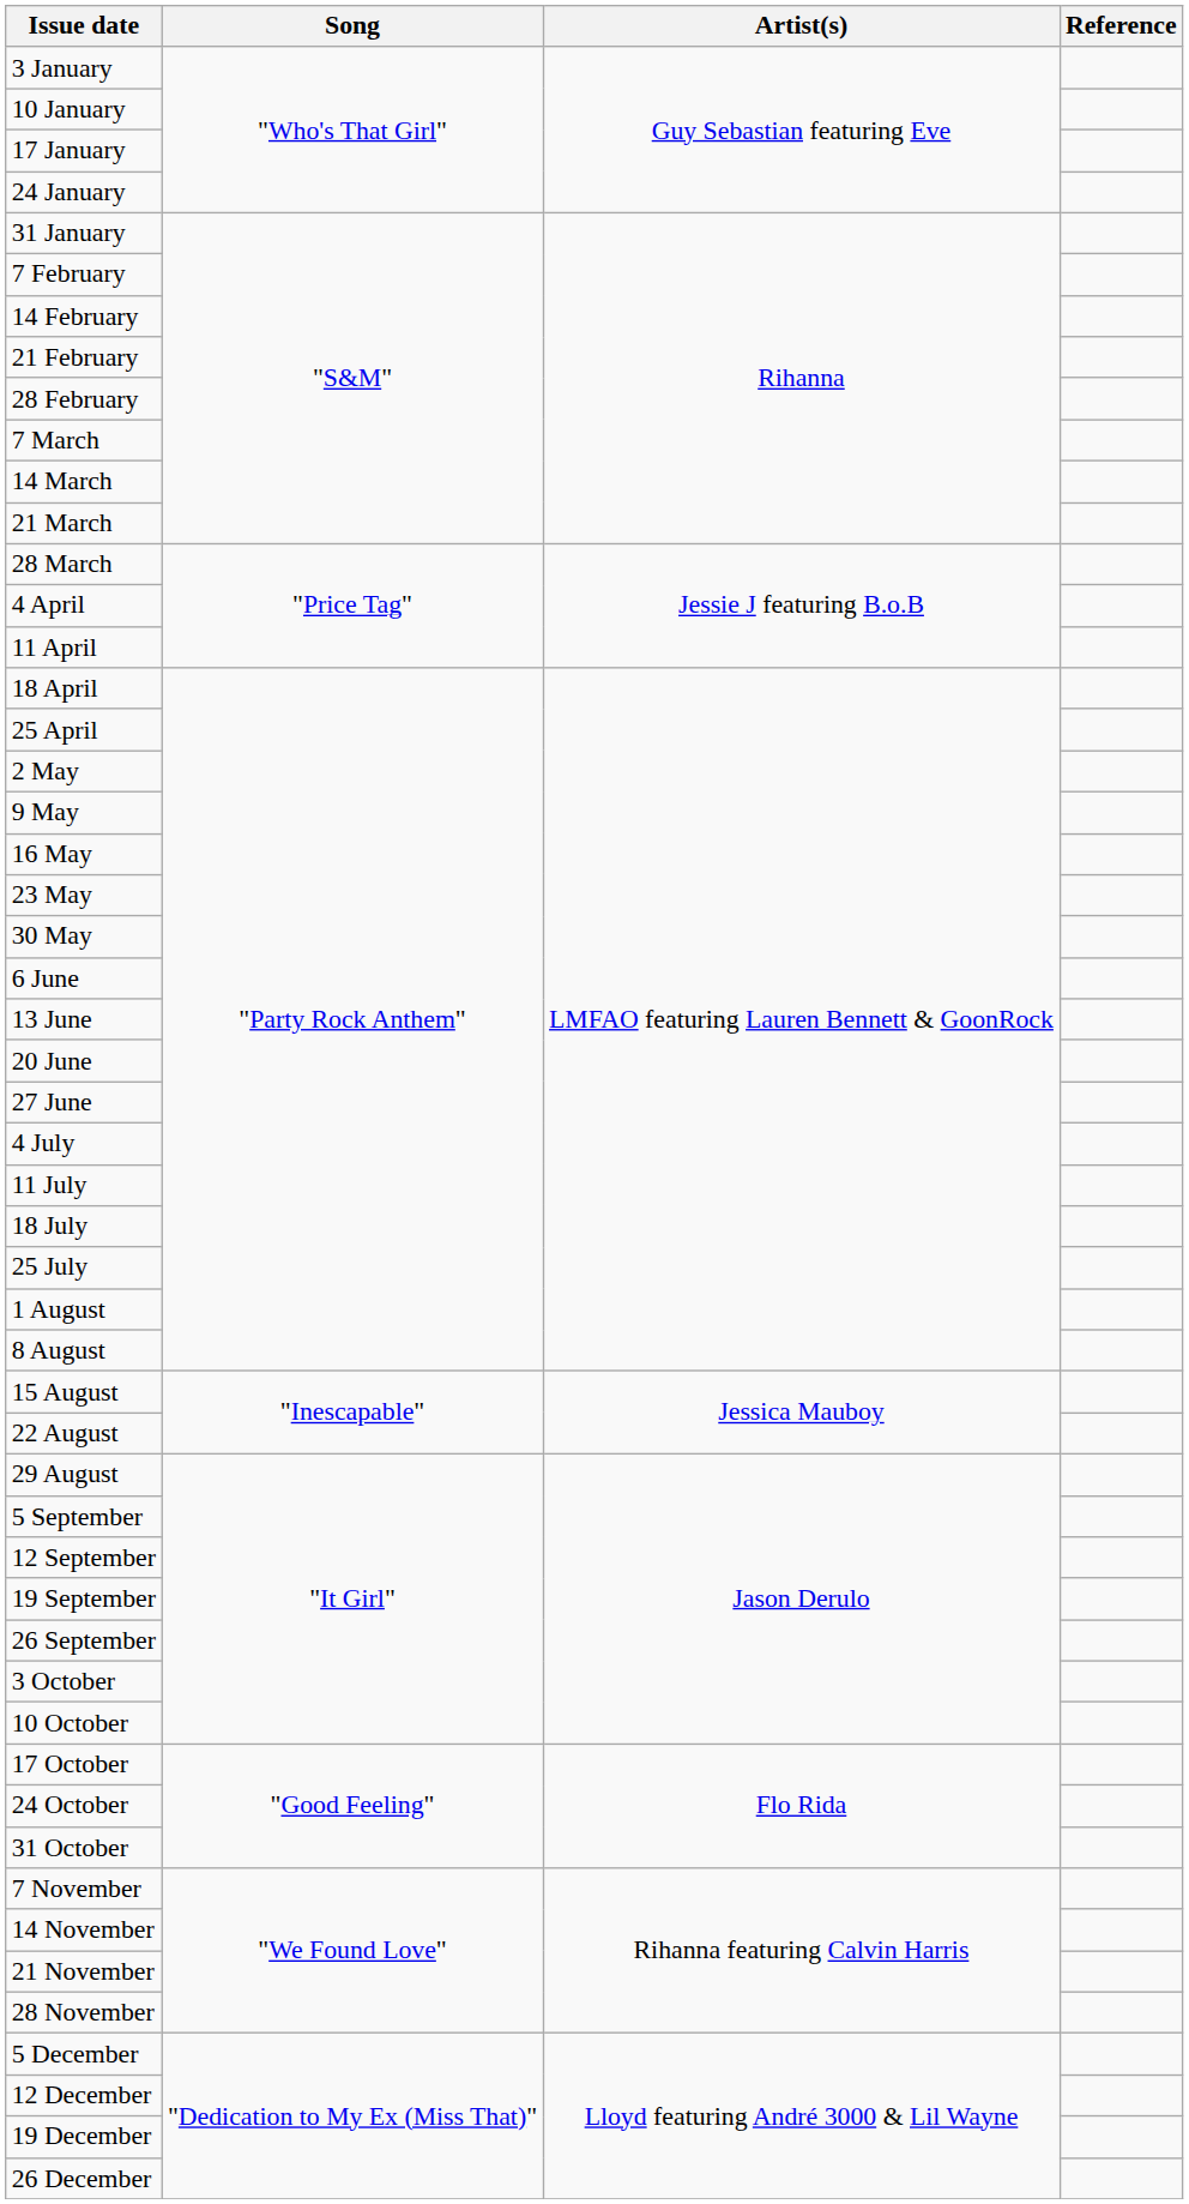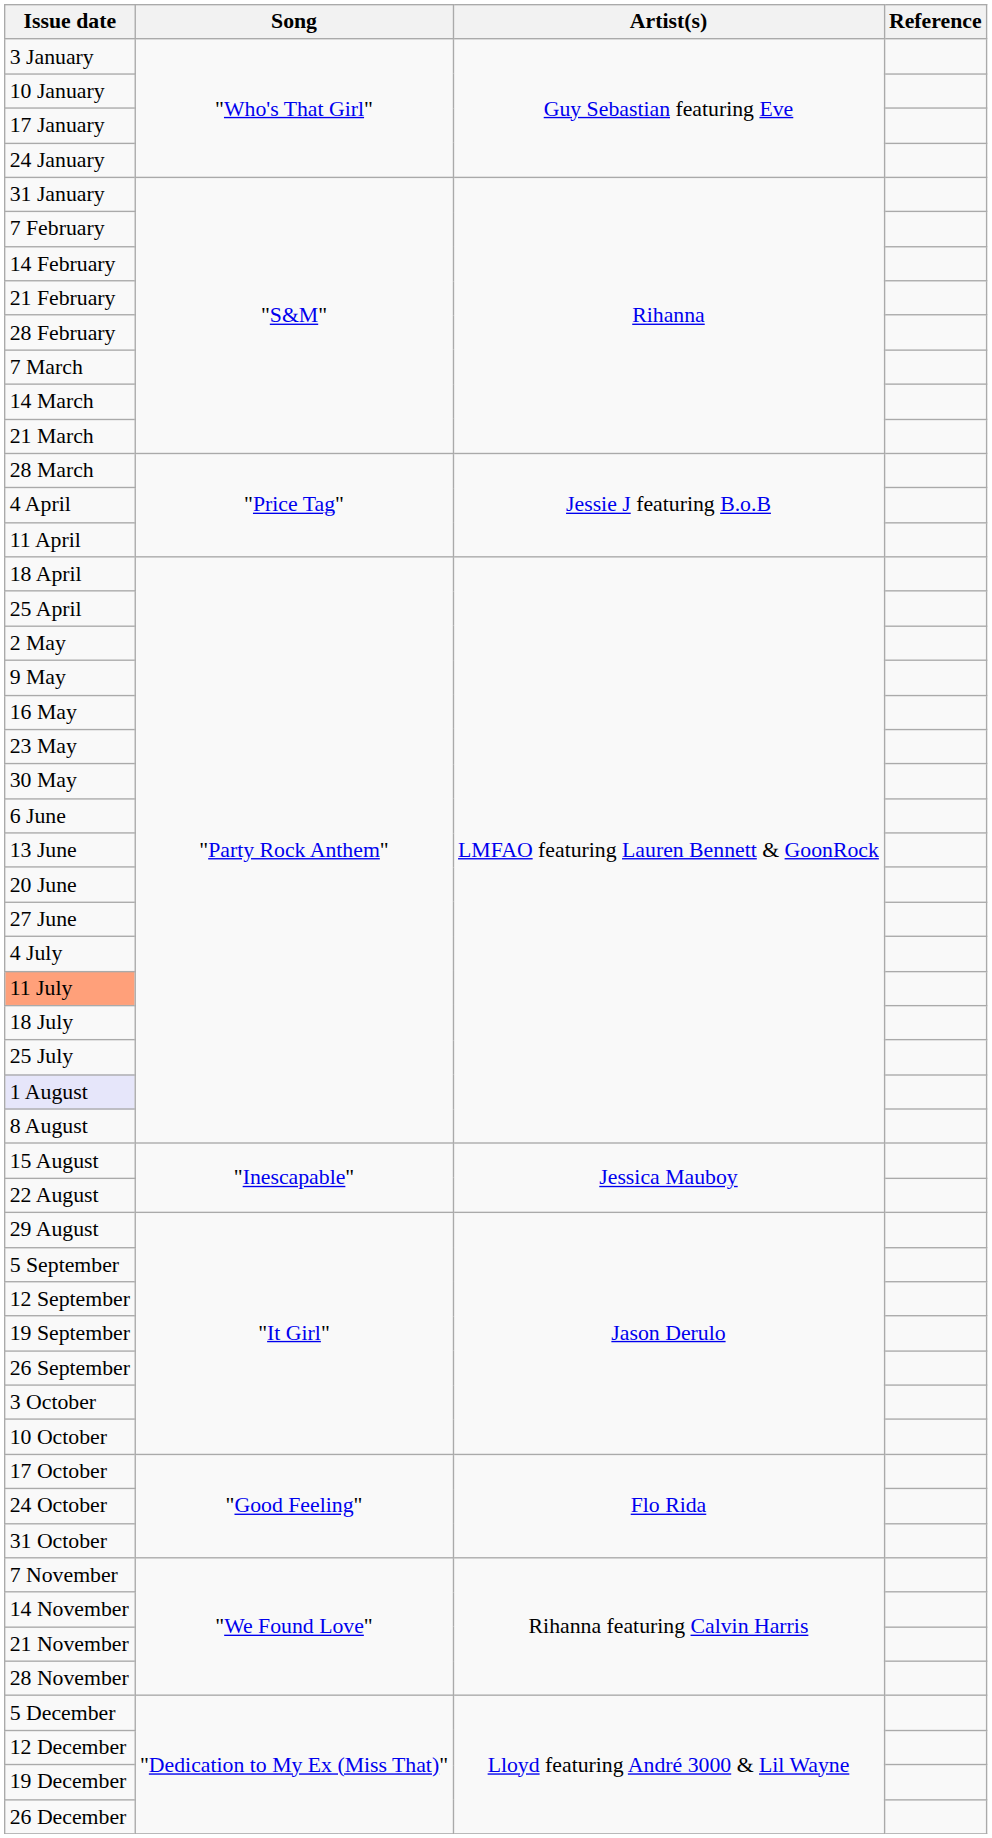 <table class="wikitable">
 <tr>
 <th>Issue date</th>
 <th>Song</th>
 <th>Artist(s)</th>
 <th>Reference</th>
 </tr>
 <tr>
 <td align="left">3 January</td>
 <td align="center" rowspan="4">"<a href='#'>Who's That Girl</a>"</td>
 <td align="center" rowspan="4"><a href='#'>Guy Sebastian</a> featuring <a href='#'>Eve</a></td>
 <td align="center"></td>
 </tr>
 <tr>
 <td align="left">10 January</td>
 <td align="center"></td>
 </tr>
 <tr>
 <td align="left">17 January</td>
 <td align="center"></td>
 </tr>
 <tr>
 <td align="left">24 January</td>
 <td align="center"></td>
 </tr>
 <tr>
 <td align="left">31 January</td>
 <td align="center" rowspan="8">"<a href='#'>S&M</a>"</td>
 <td align="center" rowspan="8"><a href='#'>Rihanna</a></td>
 <td align="center"></td>
 </tr>
 <tr>
 <td align="left">7 February</td>
 <td align="center"></td>
 </tr>
 <tr>
 <td align="left">14 February</td>
 <td align="center"></td>
 </tr>
 <tr>
 <td align="left">21 February</td>
 <td align="center"></td>
 </tr>
 <tr>
 <td align="left">28 February</td>
 <td align="center"></td>
 </tr>
 <tr>
 <td align="left">7 March</td>
 <td align="center"></td>
 </tr>
 <tr>
 <td align="left">14 March</td>
 <td align="center"></td>
 </tr>
 <tr>
 <td align="left">21 March</td>
 <td align="center"></td>
 </tr>
 <tr>
 <td align="left">28 March</td>
 <td align="center" rowspan="3">"<a href='#'>Price Tag</a>"</td>
 <td align="center" rowspan="3"><a href='#'>Jessie J</a> featuring <a href='#'>B.o.B</a></td>
 <td align="center"></td>
 </tr>
 <tr>
 <td align="left">4 April</td>
 <td align="center"></td>
 </tr>
 <tr>
 <td align="left">11 April</td>
 <td align="center"></td>
 </tr>
 <tr>
 <td align="left">18 April</td>
 <td align="center" rowspan="17">"<a href='#'>Party Rock Anthem</a>"</td>
 <td align="center" rowspan="17"><a href='#'>LMFAO</a> featuring <a href='#'>Lauren Bennett</a> & <a href='#'>GoonRock</a></td>
 <td align="center"></td>
 </tr>
 <tr>
 <td align="left">25 April</td>
 <td align="center"></td>
 </tr>
 <tr>
 <td align="left">2 May</td>
 <td align="center"></td>
 </tr>
 <tr>
 <td align="left">9 May</td>
 <td align="center"></td>
 </tr>
 <tr>
 <td align="left">16 May</td>
 <td align="center"></td>
 </tr>
 <tr>
 <td align="left">23 May</td>
 <td align="center"></td>
 </tr>
 <tr>
 <td align="left">30 May</td>
 <td align="center"></td>
 </tr>
 <tr>
 <td align="left">6 June</td>
 <td align="center"></td>
 </tr>
 <tr>
 <td align="left">13 June</td>
 <td align="center"></td>
 </tr>
 <tr>
 <td align="left">20 June</td>
 <td align="center"></td>
 </tr>
 <tr>
 <td align="left">27 June</td>
 <td align="center"></td>
 </tr>
 <tr>
 <td align="left">4 July</td>
 <td align="center"></td>
 </tr>
 <tr>
-<td align="left">11 July</td>
+<td align="left" style="background: lightsalmon;">11 July</td>
 <td align="center"></td>
 </tr>
 <tr>
 <td align="left">18 July</td>
 <td align="center"></td>
 </tr>
 <tr>
 <td align="left">25 July</td>
 <td align="center"></td>
 </tr>
 <tr>
-<td align="left">1 August</td>
+<td align="left" style="background: lavender;">1 August</td>
 <td align="center"></td>
 </tr>
 <tr>
 <td align="left">8 August</td>
 <td align="center"></td>
 </tr>
 <tr>
 <td align="left">15 August</td>
 <td align="center" rowspan="2">"<a href='#'>Inescapable</a>"</td>
 <td align="center" rowspan="2"><a href='#'>Jessica Mauboy</a></td>
 <td align="center"></td>
 </tr>
 <tr>
 <td align="left">22 August</td>
 <td align="center"></td>
 </tr>
 <tr>
 <td align="left">29 August</td>
 <td align="center" rowspan="7">"<a href='#'>It Girl</a>"</td>
 <td align="center" rowspan="7"><a href='#'>Jason Derulo</a></td>
 <td align="center"></td>
 </tr>
 <tr>
 <td align="left">5 September</td>
 <td align="center"></td>
 </tr>
 <tr>
 <td align="left">12 September</td>
 <td align="center"></td>
 </tr>
 <tr>
 <td align="left">19 September</td>
 <td align="center"></td>
 </tr>
 <tr>
 <td align="left">26 September</td>
 <td align="center"></td>
 </tr>
 <tr>
 <td align="left">3 October</td>
 <td align="center"></td>
 </tr>
 <tr>
 <td align="left">10 October</td>
 <td align="center"></td>
 </tr>
 <tr>
 <td align="left">17 October</td>
 <td align="center" rowspan="3">"<a href='#'>Good Feeling</a>"</td>
 <td align="center" rowspan="3"><a href='#'>Flo Rida</a></td>
 <td align="center"></td>
 </tr>
 <tr>
 <td align="left">24 October</td>
 <td align="center"></td>
 </tr>
 <tr>
 <td align="left">31 October</td>
 <td align="center"></td>
 </tr>
 <tr>
 <td align="left">7 November</td>
 <td align="center" rowspan="4">"<a href='#'>We Found Love</a>"</td>
 <td align="center" rowspan="4">Rihanna featuring <a href='#'>Calvin Harris</a></td>
 <td align="center"></td>
 </tr>
 <tr>
 <td align="left">14 November</td>
 <td align="center"></td>
 </tr>
 <tr>
 <td align="left">21 November</td>
 <td align="center"></td>
 </tr>
 <tr>
 <td align="left">28 November</td>
 <td align="center"></td>
 </tr>
 <tr>
 <td align="left">5 December</td>
 <td align="center" rowspan="4">"<a href='#'>Dedication to My Ex (Miss That)</a>"</td>
 <td align="center" rowspan="4"><a href='#'>Lloyd</a> featuring <a href='#'>André 3000</a> & <a href='#'>Lil Wayne</a></td>
 <td align="center"></td>
 </tr>
 <tr>
 <td align="left">12 December</td>
 <td align="center"></td>
 </tr>
 <tr>
 <td align="left">19 December</td>
 <td align="center"></td>
 </tr>
 <tr>
 <td align="left">26 December</td>
 <td align="center"></td>
 </tr>
 </table>
